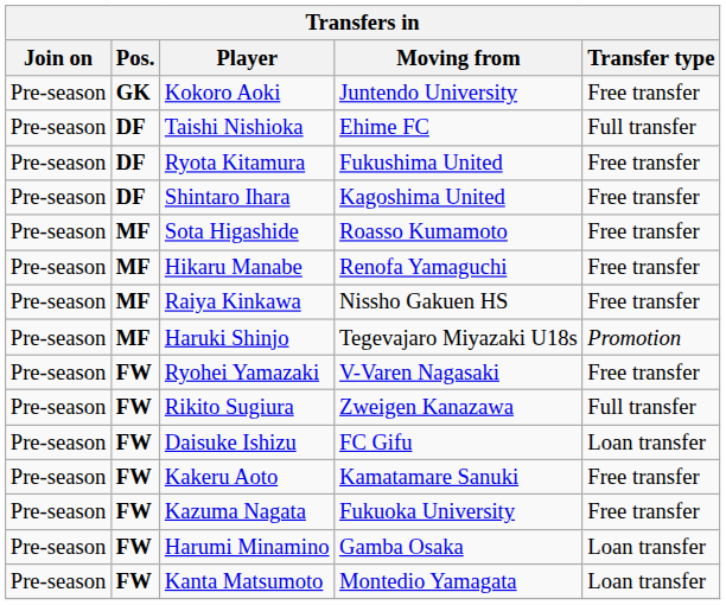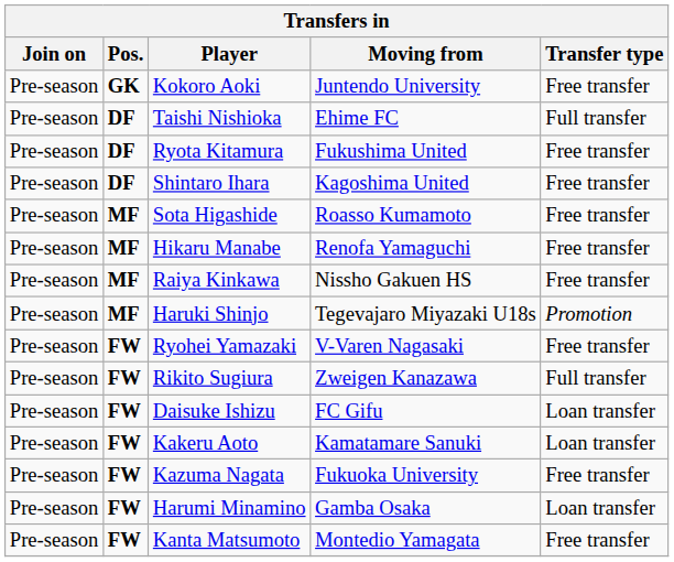 <table class="wikitable sortable" style=“text-align:left;>
 <tr>
 <th colspan="5">Transfers in</th>
 </tr>
 <tr>
 <th>Join on</th>
 <th>Pos.</th>
 <th>Player</th>
 <th>Moving from</th>
 <th>Transfer type</th>
 </tr>
 <tr>
 <td>Pre-season</td>
 <td><strong>GK</strong></td>
 <td> <a href='#'>Kokoro Aoki</a></td>
 <td> <a href='#'>Juntendo University</a></td>
 <td>Free transfer</td>
 </tr>
 <tr>
 <td>Pre-season</td>
 <td><strong>DF</strong></td>
 <td> <a href='#'>Taishi Nishioka</a></td>
 <td> <a href='#'>Ehime FC</a></td>
 <td>Full transfer</td>
 </tr>
 <tr>
 <td>Pre-season</td>
 <td><strong>DF</strong></td>
 <td> <a href='#'>Ryota Kitamura</a></td>
 <td> <a href='#'>Fukushima United</a></td>
 <td>Free transfer</td>
 </tr>
 <tr>
 <td>Pre-season</td>
 <td><strong>DF</strong></td>
 <td> <a href='#'>Shintaro Ihara</a></td>
 <td> <a href='#'>Kagoshima United</a></td>
 <td>Free transfer</td>
 </tr>
 <tr>
 <td>Pre-season</td>
 <td><strong>MF</strong></td>
 <td> <a href='#'>Sota Higashide</a></td>
 <td> <a href='#'>Roasso Kumamoto</a></td>
 <td>Free transfer</td>
 </tr>
 <tr>
 <td>Pre-season</td>
 <td><strong>MF</strong></td>
 <td> <a href='#'>Hikaru Manabe</a></td>
 <td> <a href='#'>Renofa Yamaguchi</a></td>
 <td>Free transfer</td>
 </tr>
 <tr>
 <td>Pre-season</td>
 <td><strong>MF</strong></td>
 <td> <a href='#'>Raiya Kinkawa</a></td>
 <td> Nissho Gakuen HS</td>
 <td>Free transfer</td>
 </tr>
 <tr>
 <td>Pre-season</td>
 <td><strong>MF</strong></td>
 <td> <a href='#'>Haruki Shinjo</a></td>
 <td>Tegevajaro Miyazaki U18s</td>
 <td><em>Promotion</em></td>
 </tr>
 <tr>
 <td>Pre-season</td>
 <td><strong>FW</strong></td>
 <td> <a href='#'>Ryohei Yamazaki</a></td>
 <td> <a href='#'>V-Varen Nagasaki</a></td>
 <td>Free transfer</td>
 </tr>
 <tr>
 <td>Pre-season</td>
 <td><strong>FW</strong></td>
 <td> <a href='#'>Rikito Sugiura</a></td>
 <td> <a href='#'>Zweigen Kanazawa</a></td>
 <td>Full transfer</td>
 </tr>
 <tr>
 <td>Pre-season</td>
 <td><strong>FW</strong></td>
 <td> <a href='#'>Daisuke Ishizu</a></td>
 <td> <a href='#'>FC Gifu</a></td>
 <td>Loan transfer</td>
 </tr>
 <tr>
 <td>Pre-season</td>
 <td><strong>FW</strong></td>
 <td> <a href='#'>Kakeru Aoto</a></td>
 <td> <a href='#'>Kamatamare Sanuki</a></td>
-<td>Free transfer</td>
+<td>Loan transfer</td>
 </tr>
 <tr>
 <td>Pre-season</td>
 <td><strong>FW</strong></td>
 <td> <a href='#'>Kazuma Nagata</a></td>
 <td> <a href='#'>Fukuoka University</a></td>
 <td>Free transfer</td>
 </tr>
 <tr>
 <td>Pre-season</td>
 <td><strong>FW</strong></td>
 <td> <a href='#'>Harumi Minamino</a></td>
 <td> <a href='#'>Gamba Osaka</a></td>
 <td>Loan transfer</td>
 </tr>
 <tr>
 <td>Pre-season</td>
 <td><strong>FW</strong></td>
 <td> <a href='#'>Kanta Matsumoto</a></td>
 <td> <a href='#'>Montedio Yamagata</a></td>
-<td>Loan transfer</td>
+<td>Free transfer</td>
 </tr>
 <tr>
 </tr>
 </table>
